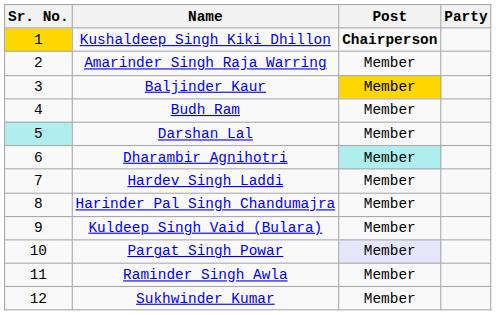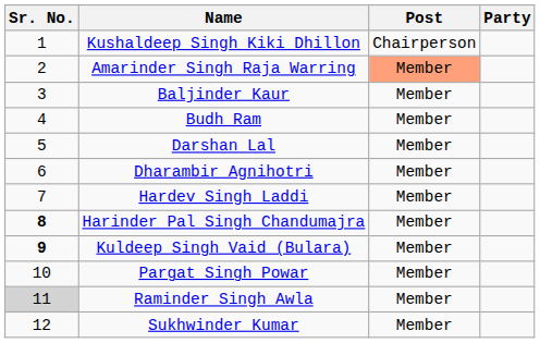 <table class="wikitable sortable">
 <tr>
 <th>Sr. No.</th>
 <th>Name</th>
 <th>Post</th>
 <th colspan="2">Party</th>
 </tr>
 <tr align="center">
-<td style="background: gold;">1</td>
+<td>1</td>
 <td><a href='#'>Kushaldeep Singh Kiki Dhillon</a></td>
-<td><strong>Chairperson</strong></td>
+<td>Chairperson</td>
 <td></td>
 </tr>
 <tr align="center">
 <td>2</td>
 <td><a href='#'>Amarinder Singh Raja Warring</a></td>
-<td>Member</td>
+<td style="background: lightsalmon;">Member</td>
 <td></td>
 </tr>
 <tr align="center">
 <td>3</td>
 <td><a href='#'>Baljinder Kaur</a></td>
-<td style="background: gold;">Member</td>
+<td>Member</td>
 <td></td>
 </tr>
 <tr align="center">
 <td>4</td>
 <td><a href='#'>Budh Ram</a></td>
 <td>Member</td>
 <td></td>
 </tr>
 <tr align="center">
-<td style="background: paleturquoise;">5</td>
+<td>5</td>
 <td><a href='#'>Darshan Lal</a></td>
 <td>Member</td>
 <td></td>
 </tr>
 <tr align="center">
 <td>6</td>
 <td><a href='#'>Dharambir Agnihotri</a></td>
-<td style="background: paleturquoise;">Member</td>
+<td>Member</td>
 <td></td>
 </tr>
 <tr align="center">
 <td>7</td>
 <td><a href='#'>Hardev Singh Laddi</a></td>
 <td>Member</td>
 <td></td>
 </tr>
 <tr align="center">
-<td>8</td>
+<td><strong>8</strong></td>
 <td><a href='#'>Harinder Pal Singh Chandumajra</a></td>
 <td>Member</td>
 <td></td>
 </tr>
 <tr align="center">
-<td>9</td>
+<td><strong>9</strong></td>
 <td><a href='#'>Kuldeep Singh Vaid (Bulara)</a></td>
 <td>Member</td>
 <td></td>
 </tr>
 <tr align="center">
 <td>10</td>
 <td><a href='#'>Pargat Singh Powar</a></td>
-<td style="background: lavender;">Member</td>
+<td>Member</td>
 <td></td>
 </tr>
 <tr align="center">
-<td>11</td>
+<td style="background: lightgrey;">11</td>
 <td><a href='#'>Raminder Singh Awla</a></td>
 <td>Member</td>
 <td></td>
 </tr>
 <tr align="center">
 <td>12</td>
 <td><a href='#'>Sukhwinder Kumar</a></td>
 <td>Member</td>
 <td></td>
 </tr>
 </table>
